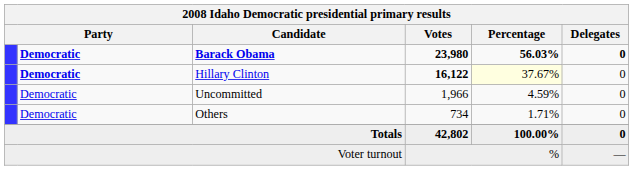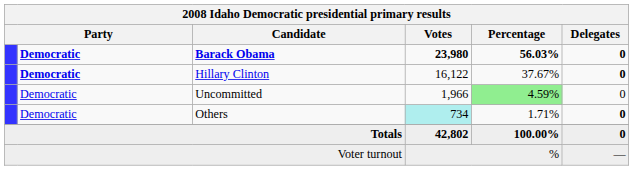 <table class="wikitable" style="font-size:95%;">
 <tr>
 <th colspan="7">2008 Idaho Democratic presidential primary results</th>
 </tr>
 <tr>
 <th colspan="2" style="width: 15em">Party</th>
 <th style="width: 17em">Candidate</th>
 <th style="width: 5em">Votes</th>
 <th style="width: 7em">Percentage</th>
 <th style="width: 5em">Delegates</th>
 </tr>
 <tr>
 <th style="background-color:#3333FF; width: 3px"></th>
 <td style="width: 130px"><strong><a href='#'>Democratic</a></strong></td>
 <td><strong><a href='#'>Barack Obama</a></strong></td>
 <td align="right"><strong>23,980</strong></td>
 <td align="right"><strong>56.03%</strong></td>
 <td align="right"><strong>0</strong></td>
 </tr>
 <tr>
 <th style="background-color:#3333FF; width: 3px"></th>
 <td style="width: 130px"><strong><a href='#'>Democratic</a></strong></td>
 <td><a href='#'>Hillary Clinton</a></td>
-<td align="right"><strong>16,122</strong></td>
-<td align="right" style="background: lightyellow;">37.67%</td>
-<td align="right">0</td>
+<td align="right">16,122</td>
+<td align="right">37.67%</td>
+<td align="right"><strong>0</strong></td>
 </tr>
 <tr>
 <th style="background-color:#3333FF; width: 3px"></th>
 <td style="width: 130px"><a href='#'>Democratic</a></td>
 <td>Uncommitted</td>
 <td align="right">1,966</td>
-<td align="right">4.59%</td>
+<td align="right" style="background: lightgreen;">4.59%</td>
 <td align="right">0</td>
 </tr>
 <tr>
 <th style="background-color:#3333FF; width: 3px"></th>
 <td style="width: 130px"><a href='#'>Democratic</a></td>
 <td>Others</td>
-<td align="right">734</td>
+<td align="right" style="background: paleturquoise;">734</td>
 <td align="right">1.71%</td>
-<td align="right">0</td>
+<td align="right"><strong>0</strong></td>
 </tr>
 <tr>
 </tr>
 <tr bgcolor="#EEEEEE">
 <td colspan="3" align="right"><strong>Totals</strong></td>
 <td align="right"><strong>42,802</strong></td>
 <td align="right"><strong>100.00%</strong></td>
 <td align="right"><strong>0</strong></td>
 </tr>
 <tr bgcolor="#EEEEEE">
 <td colspan="3" align="right">Voter turnout</td>
 <td colspan="2" align="right">%</td>
 <td align="right">—</td>
 </tr>
 </table>
